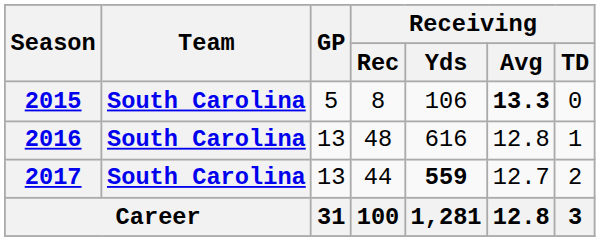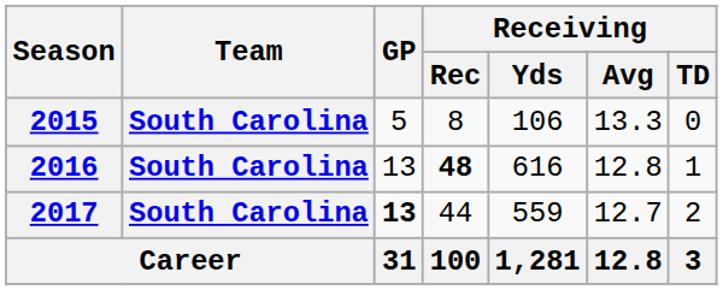 <table class="wikitable" style="text-align:center;">
 <tr>
 <th rowspan="2">Season</th>
 <th rowspan="2">Team</th>
 <th rowspan="2">GP</th>
 <th colspan="4">Receiving</th>
 </tr>
 <tr>
 <th>Rec</th>
 <th>Yds</th>
 <th>Avg</th>
 <th>TD</th>
 </tr>
 <tr>
 <th><a href='#'>2015</a></th>
 <th><a href='#'>South Carolina</a></th>
 <td>5</td>
 <td>8</td>
 <td>106</td>
-<td><strong>13.3</strong></td>
+<td>13.3</td>
 <td>0</td>
 </tr>
 <tr>
 <th><a href='#'>2016</a></th>
 <th><a href='#'>South Carolina</a></th>
 <td>13</td>
-<td>48</td>
+<td><strong>48</strong></td>
 <td>616</td>
 <td>12.8</td>
 <td>1</td>
 </tr>
 <tr>
 <th><a href='#'>2017</a></th>
 <th><a href='#'>South Carolina</a></th>
-<td>13</td>
+<td><strong>13</strong></td>
 <td>44</td>
-<td><strong>559</strong></td>
+<td>559</td>
 <td>12.7</td>
 <td>2</td>
 </tr>
 <tr>
 <th colspan="2">Career</th>
 <th>31</th>
 <th>100</th>
 <th>1,281</th>
 <th>12.8</th>
 <th>3</th>
 </tr>
 </table>
